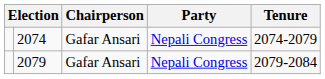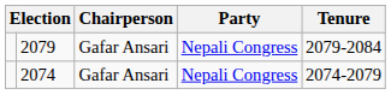 <table class="wikitable">
 <tr>
 <th colspan="2">Election</th>
 <th>Chairperson</th>
 <th>Party</th>
 <th>Tenure</th>
 </tr>
 <tr>
 <td style="background-color:"></td>
+<td>2079</td>
+<td>Gafar Ansari</td>
+<td><a href='#'>Nepali Congress</a></td>
+<td>2079-2084</td>
+</tr>
+<tr>
+<td style="background-color:"></td>
 <td>2074</td>
 <td>Gafar Ansari</td>
 <td><a href='#'>Nepali Congress</a></td>
 <td>2074-2079</td>
 </tr>
-<tr>
-<td style="background-color:"></td>
-<td>2079</td>
-<td>Gafar Ansari</td>
-<td><a href='#'>Nepali Congress</a></td>
-<td>2079-2084</td>
-</tr>
 </table>
